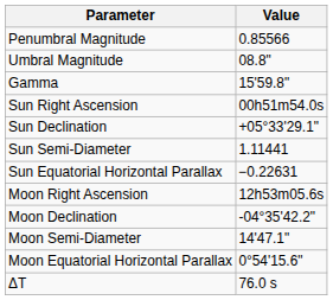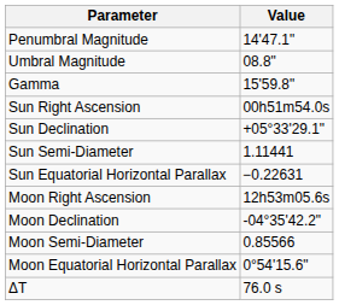 <table class="wikitable">
 <tr>
 <th>Parameter</th>
 <th>Value</th>
 </tr>
 <tr>
 <td>Penumbral Magnitude</td>
-<td>0.85566</td>
+<td>14'47.1"</td>
 </tr>
 <tr>
 <td>Umbral Magnitude</td>
 <td>08.8"</td>
 </tr>
 <tr>
 <td>Gamma</td>
 <td>15'59.8"</td>
 </tr>
 <tr>
 <td>Sun Right Ascension</td>
 <td>00h51m54.0s</td>
 </tr>
 <tr>
 <td>Sun Declination</td>
 <td>+05°33'29.1"</td>
 </tr>
 <tr>
 <td>Sun Semi-Diameter</td>
 <td>1.11441</td>
 </tr>
 <tr>
 <td>Sun Equatorial Horizontal Parallax</td>
 <td>−0.22631</td>
 </tr>
 <tr>
 <td>Moon Right Ascension</td>
 <td>12h53m05.6s</td>
 </tr>
 <tr>
 <td>Moon Declination</td>
 <td>-04°35'42.2"</td>
 </tr>
 <tr>
 <td>Moon Semi-Diameter</td>
-<td>14'47.1"</td>
+<td>0.85566</td>
 </tr>
 <tr>
 <td>Moon Equatorial Horizontal Parallax</td>
 <td>0°54'15.6"</td>
 </tr>
 <tr>
 <td>ΔT</td>
 <td>76.0 s</td>
 </tr>
 </table>
